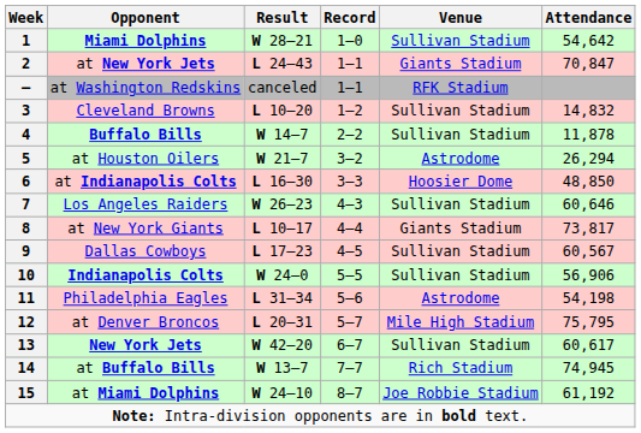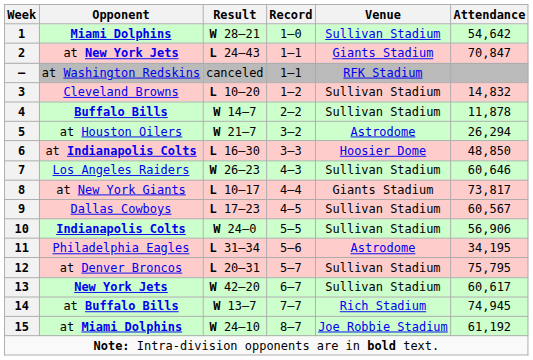 <table class="wikitable" style="text-align:center;">
 <tr>
 <th>Week</th>
 <th>Opponent</th>
 <th>Result</th>
 <th>Record</th>
 <th>Venue</th>
 <th>Attendance</th>
 </tr>
 <tr style="background:#cfc">
 <th>1</th>
 <td><strong><a href='#'>Miami Dolphins</a></strong></td>
 <td><strong>W</strong> 28–21</td>
 <td>1–0</td>
 <td><a href='#'>Sullivan Stadium</a></td>
 <td>54,642</td>
 </tr>
 <tr style="background:#fcc">
 <th>2</th>
 <td>at <strong><a href='#'>New York Jets</a></strong></td>
 <td><strong>L</strong> 24–43</td>
 <td>1–1</td>
 <td><a href='#'>Giants Stadium</a></td>
 <td>70,847</td>
 </tr>
 <tr style="background:#bababa">
 <th>–</th>
 <td>at <a href='#'>Washington Redskins</a></td>
 <td>canceled</td>
 <td>1–1</td>
 <td><a href='#'>RFK Stadium</a></td>
 <td></td>
 </tr>
 <tr style="background:#fcc">
 <th>3</th>
 <td><a href='#'>Cleveland Browns</a></td>
 <td><strong>L</strong> 10–20</td>
 <td>1–2</td>
 <td>Sullivan Stadium</td>
 <td>14,832</td>
 </tr>
 <tr style="background:#cfc">
 <th>4</th>
 <td><strong><a href='#'>Buffalo Bills</a></strong></td>
 <td><strong>W</strong> 14–7</td>
 <td>2–2</td>
 <td>Sullivan Stadium</td>
 <td>11,878</td>
 </tr>
 <tr style="background:#cfc">
 <th>5</th>
 <td>at <a href='#'>Houston Oilers</a></td>
 <td><strong>W</strong> 21–7</td>
 <td>3–2</td>
 <td><a href='#'>Astrodome</a></td>
 <td>26,294</td>
 </tr>
 <tr style="background:#fcc">
 <th>6</th>
 <td>at <strong><a href='#'>Indianapolis Colts</a></strong></td>
 <td><strong>L</strong> 16–30</td>
 <td>3–3</td>
 <td><a href='#'>Hoosier Dome</a></td>
 <td>48,850</td>
 </tr>
 <tr style="background:#cfc">
 <th>7</th>
 <td><a href='#'>Los Angeles Raiders</a></td>
 <td><strong>W</strong> 26–23</td>
 <td>4–3</td>
 <td>Sullivan Stadium</td>
 <td>60,646</td>
 </tr>
 <tr style="background:#fcc">
 <th>8</th>
 <td>at <a href='#'>New York Giants</a></td>
 <td><strong>L</strong> 10–17</td>
 <td>4–4</td>
 <td>Giants Stadium</td>
 <td>73,817</td>
 </tr>
 <tr style="background:#fcc">
 <th>9</th>
 <td><a href='#'>Dallas Cowboys</a></td>
 <td><strong>L</strong> 17–23</td>
 <td>4–5</td>
 <td>Sullivan Stadium</td>
 <td>60,567</td>
 </tr>
 <tr style="background:#cfc">
 <th>10</th>
 <td><strong><a href='#'>Indianapolis Colts</a></strong></td>
 <td><strong>W</strong> 24–0</td>
 <td>5–5</td>
 <td>Sullivan Stadium</td>
 <td>56,906</td>
 </tr>
 <tr style="background:#fcc">
 <th>11</th>
 <td><a href='#'>Philadelphia Eagles</a></td>
 <td><strong>L</strong> 31–34</td>
 <td>5–6</td>
 <td><a href='#'>Astrodome</a></td>
-<td>54,198</td>
+<td>34,195</td>
 </tr>
 <tr style="background:#fcc">
 <th>12</th>
 <td>at <a href='#'>Denver Broncos</a></td>
 <td><strong>L</strong> 20–31</td>
 <td>5–7</td>
-<td><a href='#'>Mile High Stadium</a></td>
+<td>Sullivan Stadium</td>
 <td>75,795</td>
 </tr>
 <tr style="background:#cfc">
 <th>13</th>
 <td><strong><a href='#'>New York Jets</a></strong></td>
 <td><strong>W</strong> 42–20</td>
 <td>6–7</td>
 <td>Sullivan Stadium</td>
 <td>60,617</td>
 </tr>
 <tr style="background:#cfc">
 <th>14</th>
 <td>at <strong><a href='#'>Buffalo Bills</a></strong></td>
 <td><strong>W</strong> 13–7</td>
 <td>7–7</td>
 <td><a href='#'>Rich Stadium</a></td>
 <td>74,945</td>
 </tr>
 <tr style="background:#cfc">
 <th>15</th>
 <td>at <strong><a href='#'>Miami Dolphins</a></strong></td>
 <td><strong>W</strong> 24–10</td>
 <td>8–7</td>
 <td><a href='#'>Joe Robbie Stadium</a></td>
 <td>61,192</td>
 </tr>
 <tr>
 <td colspan="8"><strong>Note:</strong> Intra-division opponents are in <strong>bold</strong> text.</td>
 </tr>
 </table>
